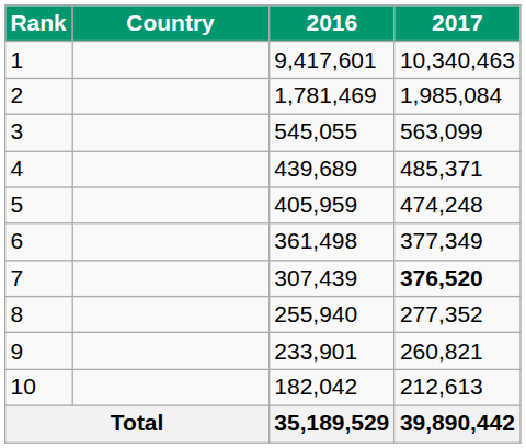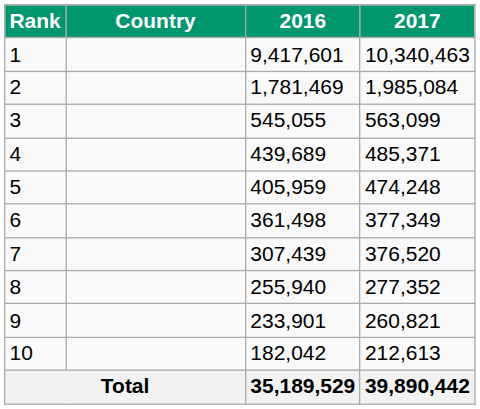 <table class="wikitable">
 <tr>
 </tr>
 <tr style="color:white;">
 <th style="width:5px; background:#00966E;">Rank</th>
 <th style="width:130px; background:#00966E;">Country</th>
 <th style="width:50px; background:#00966E;">2016</th>
 <th style="width:50px; background:#00966E;">2017</th>
 </tr>
 <tr>
 <td>1</td>
 <td></td>
 <td>9,417,601</td>
 <td>10,340,463</td>
 </tr>
 <tr>
 <td>2</td>
 <td></td>
 <td>1,781,469</td>
 <td>1,985,084</td>
 </tr>
 <tr>
 <td>3</td>
 <td></td>
 <td>545,055</td>
 <td>563,099</td>
 </tr>
 <tr>
 <td>4</td>
 <td></td>
 <td>439,689</td>
 <td>485,371</td>
 </tr>
 <tr>
 <td>5</td>
 <td></td>
 <td>405,959</td>
 <td>474,248</td>
 </tr>
 <tr>
 <td>6</td>
 <td></td>
 <td>361,498</td>
 <td>377,349</td>
 </tr>
 <tr>
 <td>7</td>
 <td></td>
 <td>307,439</td>
-<td><strong>376,520</strong></td>
+<td>376,520</td>
 </tr>
 <tr>
 <td>8</td>
 <td></td>
 <td>255,940</td>
 <td>277,352</td>
 </tr>
 <tr>
 <td>9</td>
 <td></td>
 <td>233,901</td>
 <td>260,821</td>
 </tr>
 <tr>
 <td>10</td>
 <td></td>
 <td>182,042</td>
 <td>212,613</td>
 </tr>
 <tr>
 <th colspan=2>Total</th>
 <th>35,189,529</th>
 <th>39,890,442</th>
 </tr>
 </table>
